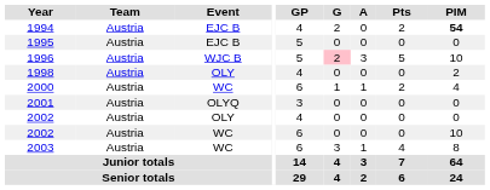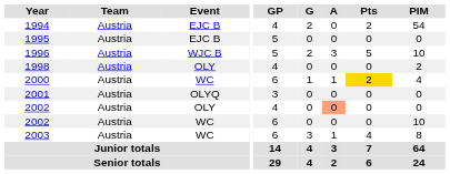 <table border="0" cellpadding="1" cellspacing="0" style="text-align:center; width:40em">
 <tr bgcolor="#e0e0e0">
 <th>Year</th>
 <th>Team</th>
 <th>Event</th>
 <th rowspan="99" bgcolor="#ffffff"></th>
 <th>GP</th>
 <th>G</th>
 <th>A</th>
 <th>Pts</th>
 <th>PIM</th>
 </tr>
 <tr>
 <td><a href='#'>1994</a></td>
 <td><a href='#'>Austria</a></td>
 <td><a href='#'>EJC B</a></td>
 <td>4</td>
 <td>2</td>
 <td>0</td>
 <td>2</td>
-<td><strong>54</strong></td>
+<td>54</td>
 </tr>
 <tr bgcolor="#f0f0f0">
 <td><a href='#'>1995</a></td>
 <td>Austria</td>
 <td>EJC B</td>
 <td>5</td>
 <td>0</td>
 <td>0</td>
 <td>0</td>
 <td>0</td>
 </tr>
 <tr>
 <td><a href='#'>1996</a></td>
 <td><a href='#'>Austria</a></td>
 <td><a href='#'>WJC B</a></td>
 <td>5</td>
-<td style="background: pink;">2</td>
+<td>2</td>
 <td>3</td>
 <td>5</td>
 <td>10</td>
 </tr>
 <tr bgcolor="#f0f0f0">
 <td><a href='#'>1998</a></td>
 <td><a href='#'>Austria</a></td>
 <td><a href='#'>OLY</a></td>
 <td>4</td>
 <td>0</td>
 <td>0</td>
 <td>0</td>
 <td>2</td>
 </tr>
 <tr>
 <td><a href='#'>2000</a></td>
 <td>Austria</td>
 <td><a href='#'>WC</a></td>
 <td>6</td>
 <td>1</td>
 <td>1</td>
-<td>2</td>
+<td style="background: gold;">2</td>
 <td>4</td>
 </tr>
 <tr bgcolor="#f0f0f0">
 <td><a href='#'>2001</a></td>
 <td>Austria</td>
 <td>OLYQ</td>
 <td>3</td>
 <td>0</td>
 <td>0</td>
 <td>0</td>
 <td>0</td>
 </tr>
 <tr>
 <td><a href='#'>2002</a></td>
 <td>Austria</td>
 <td>OLY</td>
 <td>4</td>
 <td>0</td>
-<td>0</td>
+<td style="background: lightsalmon;">0</td>
 <td>0</td>
 <td>0</td>
 </tr>
 <tr bgcolor="#f0f0f0">
 <td><a href='#'>2002</a></td>
 <td>Austria</td>
 <td>WC</td>
 <td>6</td>
 <td>0</td>
 <td>0</td>
 <td>0</td>
 <td>10</td>
 </tr>
 <tr>
 <td><a href='#'>2003</a></td>
 <td>Austria</td>
 <td>WC</td>
 <td>6</td>
 <td>3</td>
 <td>1</td>
 <td>4</td>
 <td>8</td>
 </tr>
 <tr bgcolor="#e0e0e0">
 <th colspan="3">Junior totals</th>
 <th>14</th>
 <th>4</th>
 <th>3</th>
 <th>7</th>
 <th>64</th>
 </tr>
 <tr bgcolor="#e0e0e0">
 <th colspan="3">Senior totals</th>
 <th>29</th>
 <th>4</th>
 <th>2</th>
 <th>6</th>
 <th>24</th>
 </tr>
 </table>
